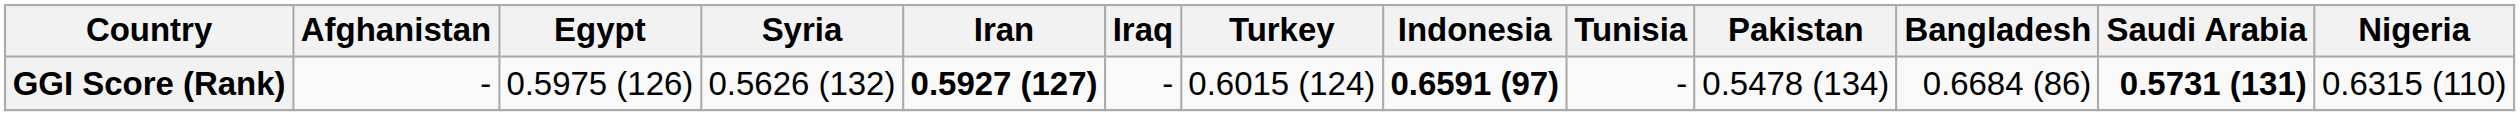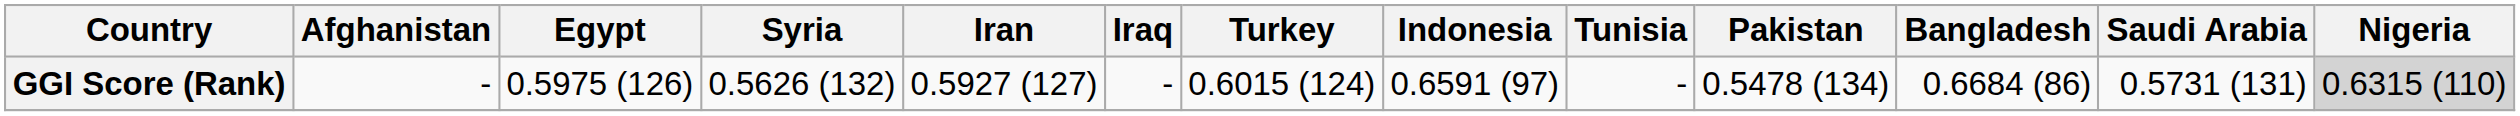 <table class=wikitable style="text-align:right">
 <tr>
 <th>Country</th>
 <th>Afghanistan</th>
 <th>Egypt</th>
 <th>Syria</th>
 <th>Iran</th>
 <th>Iraq</th>
 <th>Turkey</th>
 <th>Indonesia</th>
 <th>Tunisia</th>
 <th>Pakistan</th>
 <th>Bangladesh</th>
 <th>Saudi Arabia</th>
 <th>Nigeria</th>
 </tr>
 <tr>
 <th>GGI Score (Rank)</th>
 <td>-</td>
 <td>0.5975 (126)</td>
 <td>0.5626 (132)</td>
-<td><strong>0.5927 (127)</strong></td>
+<td>0.5927 (127)</td>
 <td>-</td>
 <td>0.6015 (124)</td>
-<td><strong>0.6591 (97)</strong></td>
+<td>0.6591 (97)</td>
 <td>-</td>
 <td>0.5478 (134)</td>
 <td>0.6684 (86)</td>
-<td><strong>0.5731 (131)</strong></td>
-<td>0.6315 (110)</td>
+<td>0.5731 (131)</td>
+<td style="background: lightgrey;">0.6315 (110)</td>
 </tr>
 <tr>
 </tr>
 </table>
